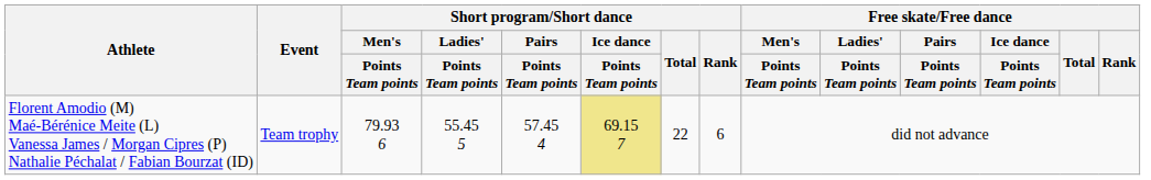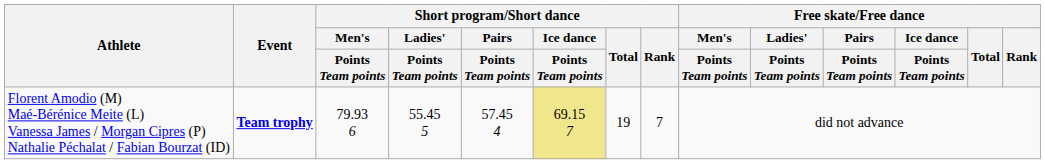 <table class="wikitable" style="font-size:90%">
 <tr>
 <th rowspan=3>Athlete</th>
 <th rowspan=3>Event</th>
 <th colspan=6>Short program/Short dance</th>
 <th colspan=6>Free skate/Free dance</th>
 </tr>
 <tr style="font-size:95%">
 <th>Men's</th>
 <th>Ladies'</th>
 <th>Pairs</th>
 <th>Ice dance</th>
 <th rowspan=2>Total</th>
 <th rowspan=2>Rank</th>
 <th>Men's</th>
 <th>Ladies'</th>
 <th>Pairs</th>
 <th>Ice dance</th>
 <th rowspan=2>Total</th>
 <th rowspan=2>Rank</th>
 </tr>
 <tr style="font-size:95%">
 <th>Points<br><em>Team points</em></th>
 <th>Points<br><em>Team points</em></th>
 <th>Points<br><em>Team points</em></th>
 <th>Points<br><em>Team points</em></th>
 <th>Points<br><em>Team points</em></th>
 <th>Points<br><em>Team points</em></th>
 <th>Points<br><em>Team points</em></th>
 <th>Points<br><em>Team points</em></th>
 </tr>
 <tr align=center>
 <td align=left><a href='#'>Florent Amodio</a> (M)<br><a href='#'>Maé-Bérénice Meite</a> (L)<br><a href='#'>Vanessa James</a> / <a href='#'>Morgan Cipres</a> (P)<br><a href='#'>Nathalie Péchalat</a> / <a href='#'>Fabian Bourzat</a> (ID)</td>
-<td align=left><a href='#'>Team trophy</a></td>
+<td align=left><strong><a href='#'>Team trophy</a></strong></td>
 <td>79.93<br><em>6</em></td>
 <td>55.45<br><em>5</em></td>
 <td>57.45<br><em>4</em></td>
 <td style="background: khaki;">69.15<br><em>7</em></td>
-<td>22</td>
-<td>6</td>
+<td>19</td>
+<td>7</td>
 <td colspan=6>did not advance</td>
 </tr>
 </table>
